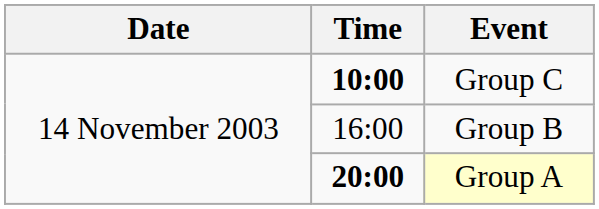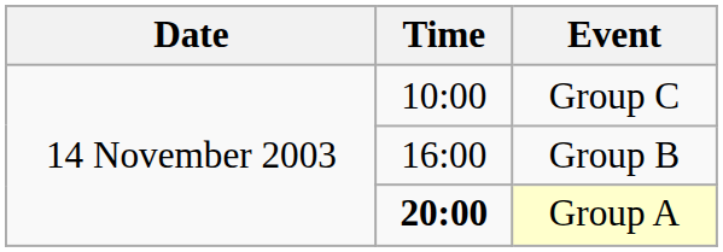 <table class = "wikitable" style="text-align:center;">
 <tr>
 <th width=150>Date</th>
 <th width=50>Time</th>
 <th width=80>Event</th>
 </tr>
 <tr>
 <td rowspan=3>14 November 2003</td>
-<td><strong>10:00</strong></td>
+<td>10:00</td>
 <td>Group C</td>
 </tr>
 <tr>
 <td>16:00</td>
 <td>Group B</td>
 </tr>
 <tr>
 <td><strong>20:00</strong></td>
 <td bgcolor=ffffcc>Group A</td>
 </tr>
 </table>
